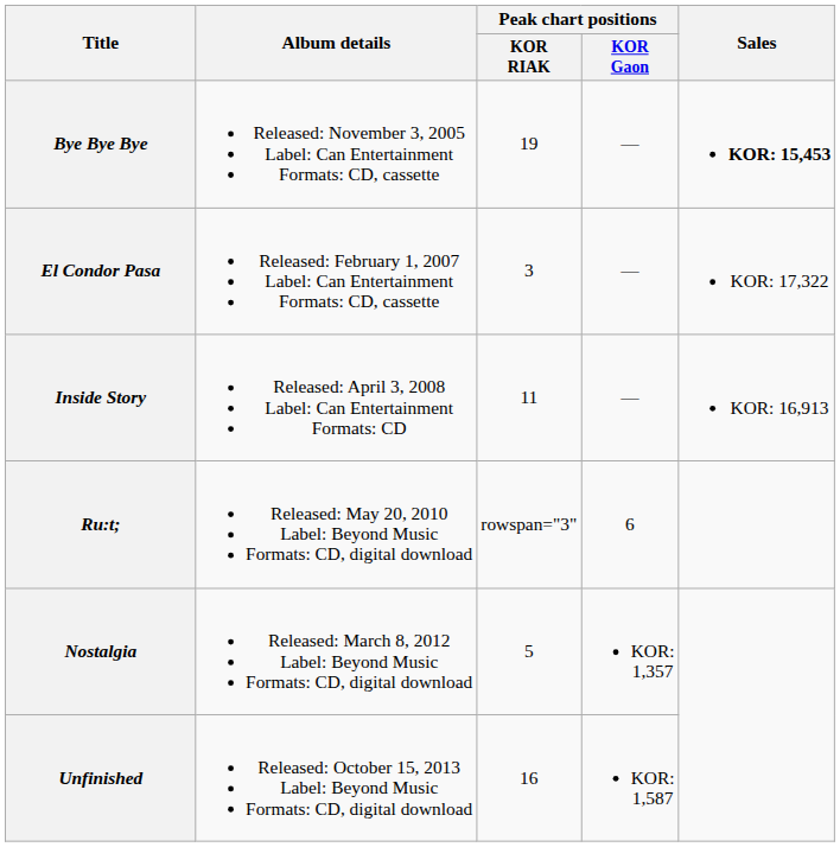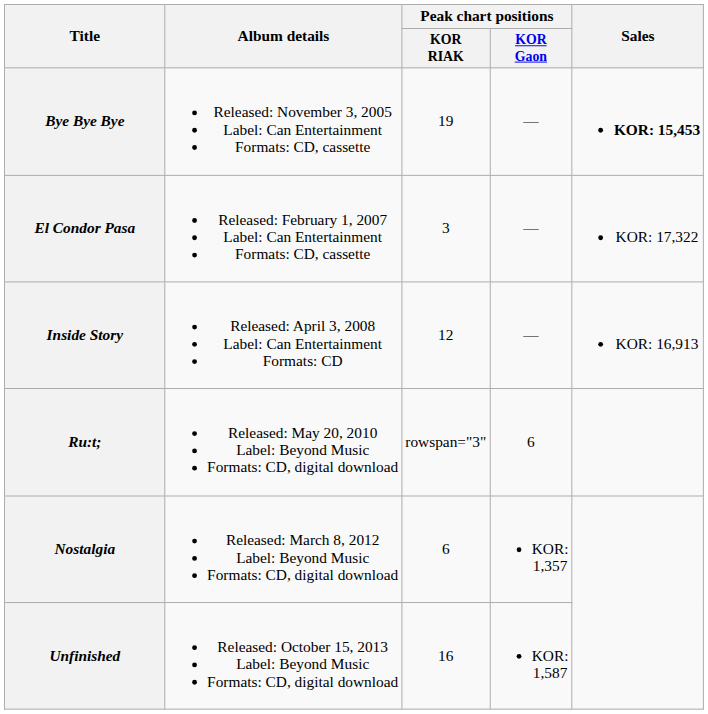 <table class="wikitable plainrowheaders" style="text-align:center;">
 <tr>
 <th rowspan="2" scope="col" style="width:10em;">Title</th>
 <th rowspan="2" scope="col">Album details</th>
 <th colspan="2">Peak chart positions</th>
 <th rowspan="2">Sales</th>
 </tr>
 <tr>
 <th scope="col" style="width:2.5em;font-size:90%;">KOR<br>RIAK<br></th>
 <th scope="col" style="width:2.5em;font-size:90%;"><a href='#'>KOR<br>Gaon</a><br></th>
 </tr>
 <tr>
 <th scope="row"><em>Bye Bye Bye</em></th>
 <td><br><ul><li>Released: November 3, 2005</li><li>Label: Can Entertainment</li><li>Formats: CD, cassette</li></ul></td>
 <td>19</td>
 <td>—</td>
 <td><strong><br><ul><li>KOR: 15,453</li></ul></strong></td>
 </tr>
 <tr>
 <th scope="row"><em>El Condor Pasa</em></th>
 <td><br><ul><li>Released: February 1, 2007</li><li>Label: Can Entertainment</li><li>Formats: CD, cassette</li></ul></td>
 <td>3</td>
 <td>—</td>
 <td><br><ul><li>KOR: 17,322</li></ul></td>
 </tr>
 <tr>
 <th scope="row"><em>Inside Story</em></th>
 <td><br><ul><li>Released: April 3, 2008</li><li>Label: Can Entertainment</li><li>Formats: CD</li></ul></td>
-<td>11</td>
+<td>12</td>
 <td>—</td>
 <td><br><ul><li>KOR: 16,913</li></ul></td>
 </tr>
 <tr>
 <th scope="row"><em>Ru:t;</em></th>
 <td><br><ul><li>Released: May 20, 2010</li><li>Label: Beyond Music</li><li>Formats: CD, digital download</li></ul></td>
 <td>rowspan="3" </td>
 <td>6</td>
 <td></td>
 </tr>
 <tr>
 <th scope="row"><em>Nostalgia</em></th>
 <td><br><ul><li>Released: March 8, 2012</li><li>Label: Beyond Music</li><li>Formats: CD, digital download</li></ul></td>
-<td>5</td>
+<td>6</td>
 <td><br><ul><li>KOR: 1,357</li></ul></td>
 </tr>
 <tr>
 <th scope="row"><em>Unfinished</em></th>
 <td><br><ul><li>Released: October 15, 2013</li><li>Label: Beyond Music</li><li>Formats: CD, digital download</li></ul></td>
 <td>16</td>
 <td><br><ul><li>KOR: 1,587</li></ul></td>
 </tr>
 </table>
